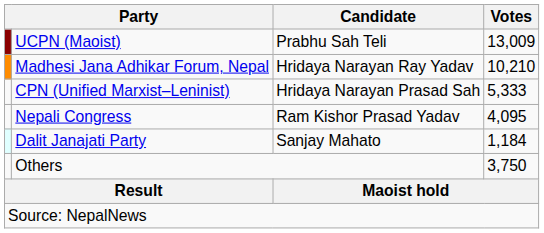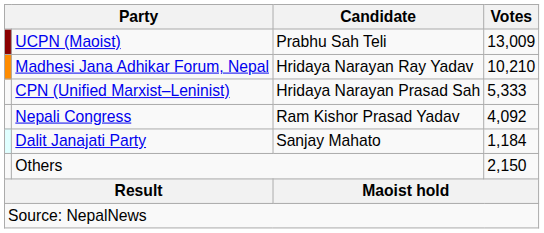 <table class="wikitable">
 <tr>
 <th colspan="2">Party</th>
 <th>Candidate</th>
 <th>Votes</th>
 </tr>
 <tr>
 <td style="background-color:darkred"></td>
 <td><a href='#'>UCPN (Maoist)</a></td>
 <td>Prabhu Sah Teli</td>
 <td>13,009</td>
 </tr>
 <tr>
 <td style="background-color:darkorange"></td>
 <td><a href='#'>Madhesi Jana Adhikar Forum, Nepal</a></td>
 <td>Hridaya Narayan Ray Yadav</td>
 <td>10,210</td>
 </tr>
 <tr>
 <td style="background-color:"></td>
 <td><a href='#'>CPN (Unified Marxist–Leninist)</a></td>
 <td>Hridaya Narayan Prasad Sah</td>
 <td>5,333</td>
 </tr>
 <tr>
 <td style="background-color:"></td>
 <td><a href='#'>Nepali Congress</a></td>
 <td>Ram Kishor Prasad Yadav</td>
-<td>4,095</td>
+<td>4,092</td>
 </tr>
 <tr>
 <td style="background-color:#e0ffff"></td>
 <td><a href='#'>Dalit Janajati Party</a></td>
 <td>Sanjay Mahato</td>
 <td>1,184</td>
 </tr>
 <tr>
 <td></td>
 <td colspan="2">Others</td>
-<td>3,750</td>
+<td>2,150</td>
 </tr>
 <tr>
 <th colspan="2">Result</th>
 <th colspan="2">Maoist hold</th>
 </tr>
 <tr>
 <td colspan="4">Source: NepalNews</td>
 </tr>
 </table>
